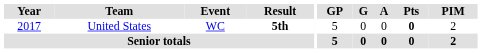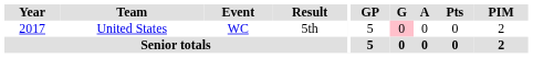 <table border="0" cellpadding="1" cellspacing="0" ID="Table3" style="text-align:center; width:40em">
 <tr ALIGN="center" bgcolor="#e0e0e0">
 <th>Year</th>
 <th>Team</th>
 <th>Event</th>
 <th>Result</th>
 <th rowspan="99" bgcolor="#ffffff"></th>
 <th>GP</th>
 <th>G</th>
 <th>A</th>
 <th>Pts</th>
 <th>PIM</th>
 </tr>
 <tr>
 <td><a href='#'>2017</a></td>
 <td><a href='#'>United States</a></td>
 <td><a href='#'>WC</a></td>
-<td><strong>5th</strong></td>
+<td>5th</td>
 <td>5</td>
+<td style="background: pink;">0</td>
 <td>0</td>
 <td>0</td>
-<td><strong>0</strong></td>
 <td>2</td>
 </tr>
 <tr bgcolor="#e0e0e0">
 <th colspan="4">Senior totals</th>
 <th>5</th>
 <th>0</th>
 <th>0</th>
 <th>0</th>
 <th>2</th>
 </tr>
 </table>
